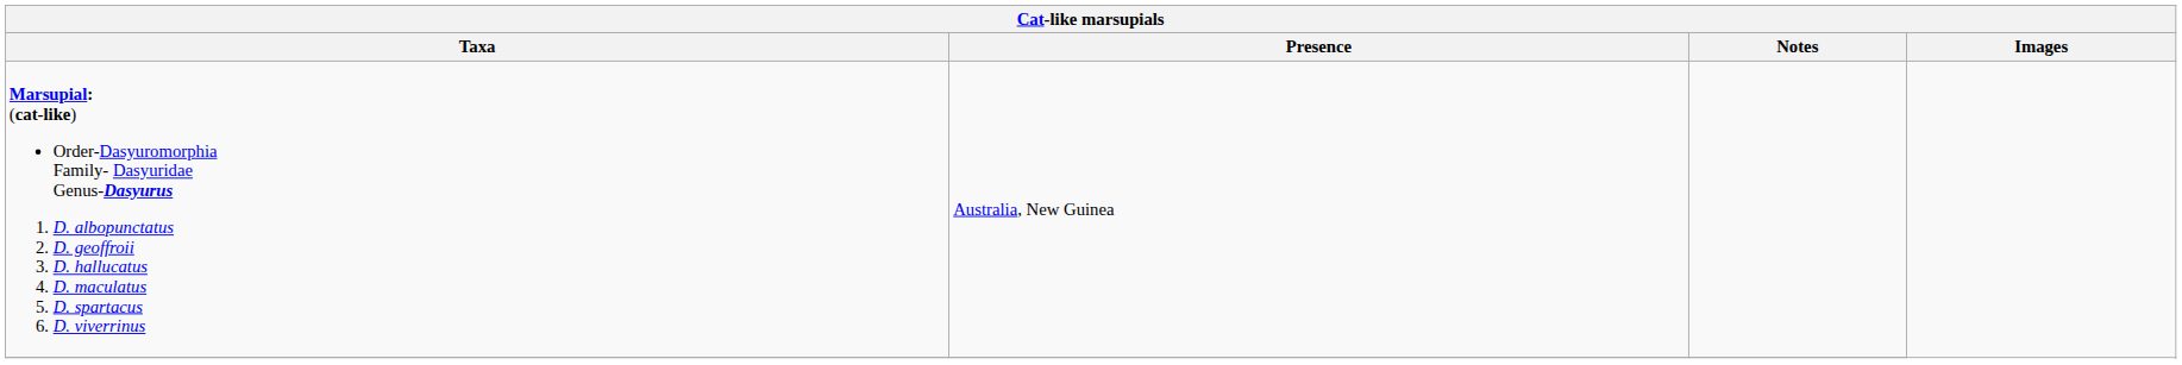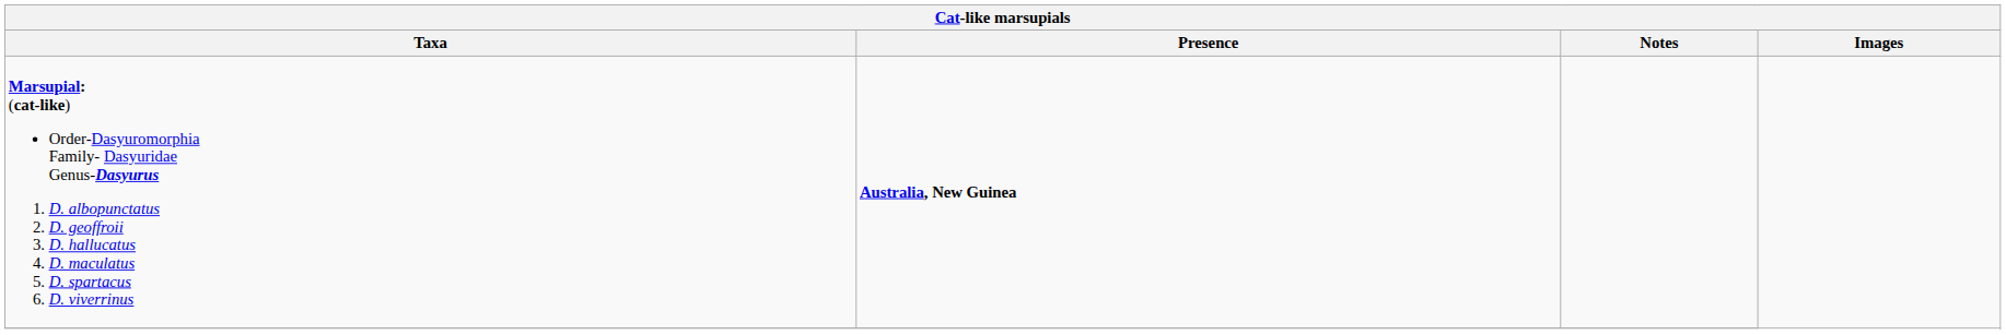 <table class="wikitable" align="center" width="100%">
 <tr>
 <th colspan="5" align="center"><strong><a href='#'>Cat</a>-like marsupials</strong></th>
 </tr>
 <tr>
 <th>Taxa</th>
 <th>Presence</th>
 <th>Notes</th>
 <th>Images</th>
 </tr>
 <tr>
 <td><br><strong><a href='#'>Marsupial</a>:</strong><br>(<strong>cat-like</strong>)<ul><li>Order-<a href='#'>Dasyuromorphia</a><br>Family- <a href='#'>Dasyuridae</a><br>Genus-<strong><em><a href='#'>Dasyurus</a></em></strong></li></ul><ol><li><em><a href='#'>D. albopunctatus</a></em></li><li><em><a href='#'>D. geoffroii</a></em></li><li><em><a href='#'>D. hallucatus</a></em></li><li><em><a href='#'>D. maculatus</a></em></li><li><em><a href='#'>D. spartacus</a></em></li><li><em><a href='#'>D. viverrinus</a></em></li></ol></td>
-<td><a href='#'>Australia</a>, New Guinea</td>
+<td><strong><a href='#'>Australia</a>, New Guinea</strong></td>
 <td></td>
 <td rowspan="99"><br></td>
 </tr>
 <tr>
 </tr>
 </table>
